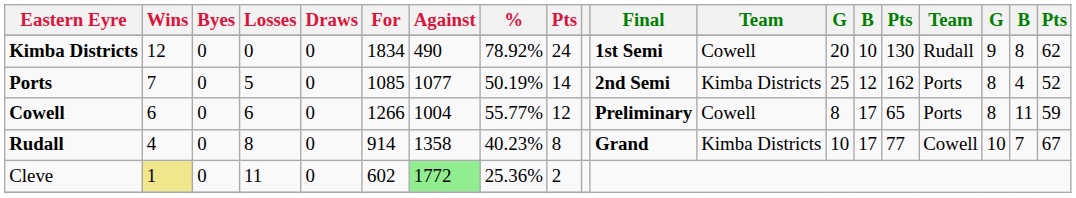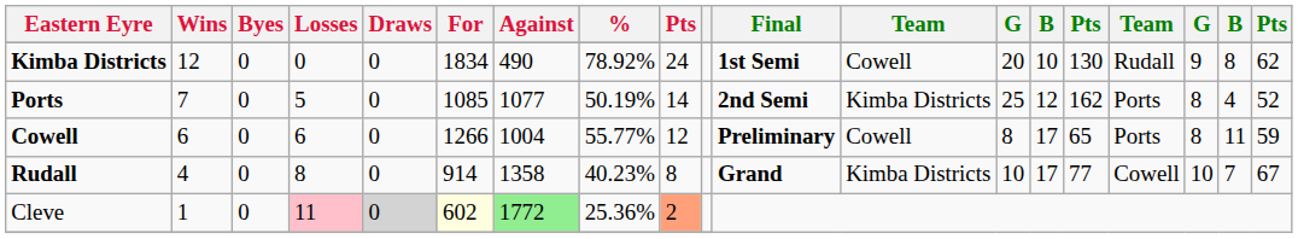 <table style="font-size: 85%; text-align: left;" class="wikitable">
 <tr>
 <th style="color:crimson">Eastern Eyre</th>
 <th style="color:crimson">Wins</th>
 <th style="color:crimson">Byes</th>
 <th style="color:crimson">Losses</th>
 <th style="color:crimson">Draws</th>
 <th style="color:crimson">For</th>
 <th style="color:crimson">Against</th>
 <th style="color:crimson">%</th>
 <th style="color:crimson">Pts</th>
 <th></th>
 <th style="color:green">Final</th>
 <th style="color:green">Team</th>
 <th style="color:green">G</th>
 <th style="color:green">B</th>
 <th style="color:green">Pts</th>
 <th style="color:green">Team</th>
 <th style="color:green">G</th>
 <th style="color:green">B</th>
 <th style="color:green">Pts</th>
 </tr>
 <tr>
 </tr>
 <tr>
 </tr>
 <tr>
 <td><strong>	Kimba Districts	</strong></td>
 <td>12</td>
 <td>0</td>
 <td>0</td>
 <td>0</td>
 <td>1834</td>
 <td>490</td>
 <td>78.92%</td>
 <td>24</td>
 <td></td>
 <td><strong>1st Semi</strong></td>
 <td>Cowell</td>
 <td>20</td>
 <td>10</td>
 <td>130</td>
 <td>Rudall</td>
 <td>9</td>
 <td>8</td>
 <td>62</td>
 </tr>
 <tr>
 <td><strong>	Ports	</strong></td>
 <td>7</td>
 <td>0</td>
 <td>5</td>
 <td>0</td>
 <td>1085</td>
 <td>1077</td>
 <td>50.19%</td>
 <td>14</td>
 <td></td>
 <td><strong>2nd Semi</strong></td>
 <td>Kimba Districts</td>
 <td>25</td>
 <td>12</td>
 <td>162</td>
 <td>Ports</td>
 <td>8</td>
 <td>4</td>
 <td>52</td>
 </tr>
 <tr>
 <td><strong>	Cowell	</strong></td>
 <td>6</td>
 <td>0</td>
 <td>6</td>
 <td>0</td>
 <td>1266</td>
 <td>1004</td>
 <td>55.77%</td>
 <td>12</td>
 <td></td>
 <td><strong>Preliminary</strong></td>
 <td>Cowell</td>
 <td>8</td>
 <td>17</td>
 <td>65</td>
 <td>Ports</td>
 <td>8</td>
 <td>11</td>
 <td>59</td>
 </tr>
 <tr>
 <td><strong>	Rudall	</strong></td>
 <td>4</td>
 <td>0</td>
 <td>8</td>
 <td>0</td>
 <td>914</td>
 <td>1358</td>
 <td>40.23%</td>
 <td>8</td>
 <td></td>
 <td><strong>Grand</strong></td>
 <td>Kimba Districts</td>
 <td>10</td>
 <td>17</td>
 <td>77</td>
 <td>Cowell</td>
 <td>10</td>
 <td>7</td>
 <td>67</td>
 </tr>
 <tr>
 <td>Cleve</td>
-<td style="background: khaki;">1</td>
+<td>1</td>
 <td>0</td>
-<td>11</td>
-<td>0</td>
-<td>602</td>
+<td style="background: pink;">11</td>
+<td style="background: lightgrey;">0</td>
+<td style="background: lightyellow;">602</td>
 <td style="background: lightgreen;">1772</td>
 <td>25.36%</td>
-<td>2</td>
+<td style="background: lightsalmon;">2</td>
 <td></td>
 </tr>
 <tr>
 </tr>
 </table>
